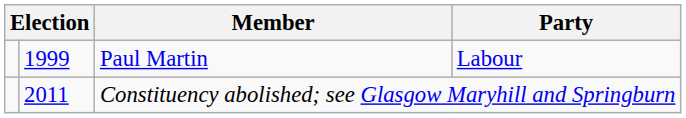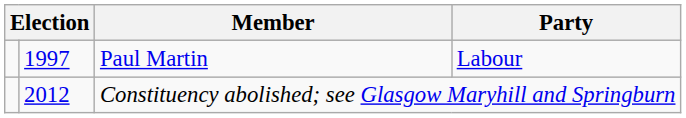 <table class="wikitable">
 <tr>
 <th colspan="2">Election</th>
 <th>Member</th>
 <th>Party</th>
 </tr>
 <tr>
 <td style="background-color: "></td>
-<td><a href='#'>1999</a></td>
+<td><a href='#'>1997</a></td>
 <td><a href='#'>Paul Martin</a></td>
 <td><a href='#'>Labour</a></td>
 </tr>
 <tr>
 <td></td>
-<td><a href='#'>2011</a></td>
+<td><a href='#'>2012</a></td>
 <td colspan="3"><em>Constituency abolished; see <a href='#'>Glasgow Maryhill and Springburn</a></em></td>
 </tr>
 </table>
